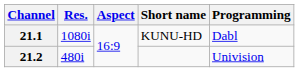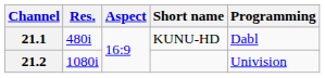 <table class="wikitable">
 <tr>
 <th scope = "col"><a href='#'>Channel</a></th>
 <th scope = "col"><a href='#'>Res.</a></th>
 <th scope = "col"><a href='#'>Aspect</a></th>
 <th scope = "col">Short name</th>
 <th scope = "col">Programming</th>
 </tr>
 <tr>
 <th scope = "row">21.1</th>
-<td><a href='#'>1080i</a></td>
+<td><a href='#'>480i</a></td>
 <td rowspan=2><a href='#'>16:9</a></td>
 <td>KUNU-HD</td>
 <td><a href='#'>Dabl</a></td>
 </tr>
 <tr>
 <th scope = "row">21.2</th>
-<td><a href='#'>480i</a></td>
+<td><a href='#'>1080i</a></td>
 <td></td>
 <td><a href='#'>Univision</a></td>
 </tr>
 </table>
